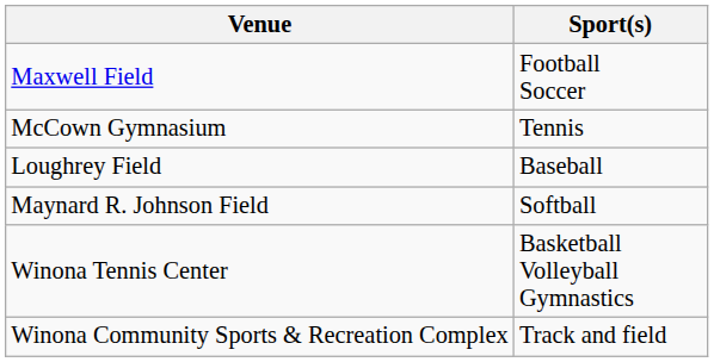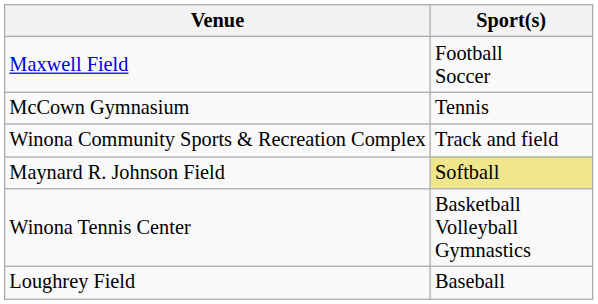 <table class="wikitable"; style= "text-align: ">
 <tr>
 <th width=px>Venue</th>
 <th width=120px>Sport(s)</th>
 </tr>
 <tr>
 <td><a href='#'>Maxwell Field</a></td>
 <td>Football <br> Soccer</td>
 </tr>
 <tr>
 <td>McCown Gymnasium</td>
 <td>Tennis</td>
 </tr>
 <tr>
-<td>Loughrey Field</td>
-<td>Baseball</td>
+<td>Winona Community Sports & Recreation Complex</td>
+<td>Track and field</td>
 </tr>
 <tr>
 <td>Maynard R. Johnson Field</td>
-<td>Softball</td>
+<td style="background: khaki;">Softball</td>
 </tr>
 <tr>
 <td>Winona Tennis Center</td>
 <td>Basketball <br> Volleyball <br> Gymnastics</td>
 </tr>
 <tr>
-<td>Winona Community Sports & Recreation Complex</td>
-<td>Track and field</td>
+<td>Loughrey Field</td>
+<td>Baseball</td>
 </tr>
 </table>
